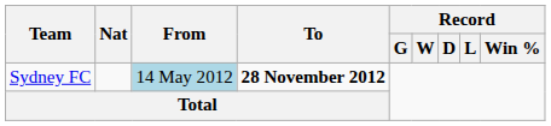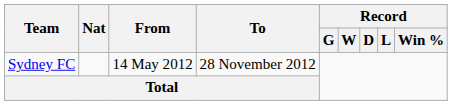 <table class="wikitable" style="text-align: center">
 <tr>
 <th rowspan="2">Team</th>
 <th rowspan="2">Nat</th>
 <th rowspan="2">From</th>
 <th rowspan="2">To</th>
 <th colspan="5">Record</th>
 </tr>
 <tr>
 <th>G</th>
 <th>W</th>
 <th>D</th>
 <th>L</th>
 <th>Win %</th>
 </tr>
 <tr>
 <td align=left><a href='#'>Sydney FC</a></td>
 <td></td>
-<td align=left style="background: lightblue;">14 May 2012</td>
-<td align=left><strong>28 November 2012<br></strong></td>
+<td align=left>14 May 2012</td>
+<td align=left>28 November 2012<br></td>
 </tr>
 <tr>
 <th colspan="4">Total<br></th>
 </tr>
 </table>
